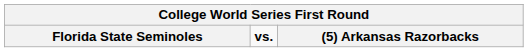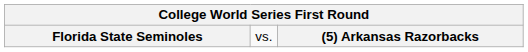 <table class="wikitable">
 <tr>
 <th style="width: 604px;" colspan=3>College World Series First Round</th>
 </tr>
 <tr>
 <th style="width: 289px; ">Florida State Seminoles</th>
-<td style="width: 25px; text-align:center"><strong>vs.</strong></td>
+<td style="width: 25px; text-align:center">vs.</td>
 <th style="width: 289px; ">(5) Arkansas Razorbacks</th>
 </tr>
 </table>
